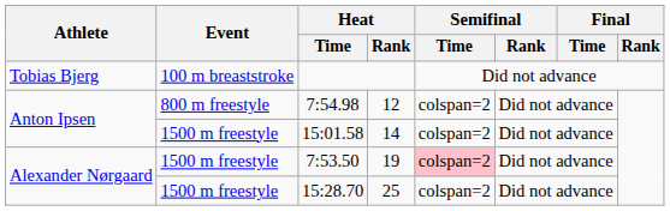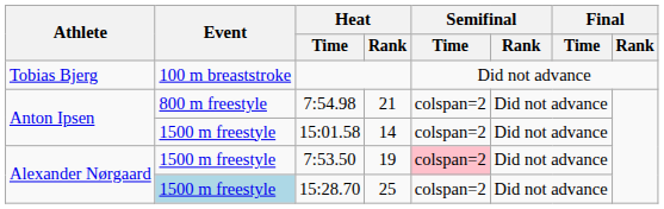 <table class=wikitable style="font-size:90%">
 <tr>
 <th rowspan="2">Athlete</th>
 <th rowspan="2">Event</th>
 <th colspan="2">Heat</th>
 <th colspan="2">Semifinal</th>
 <th colspan="2">Final</th>
 </tr>
 <tr style="font-size:95%">
 <th>Time</th>
 <th>Rank</th>
 <th>Time</th>
 <th>Rank</th>
 <th>Time</th>
 <th>Rank</th>
 </tr>
 <tr align=center>
 <td align=left><a href='#'>Tobias Bjerg</a></td>
 <td align=left><a href='#'>100 m breaststroke</a></td>
 <td colspan="2"></td>
 <td colspan="4">Did not advance</td>
 </tr>
 <tr align=center>
 <td align=left rowspan=2><a href='#'>Anton Ipsen</a></td>
 <td align=left><a href='#'>800 m freestyle</a></td>
 <td>7:54.98</td>
-<td>12</td>
+<td>21</td>
 <td>colspan=2 </td>
 <td colspan="2">Did not advance</td>
 </tr>
 <tr align=center>
 <td align=left><a href='#'>1500 m freestyle</a></td>
 <td>15:01.58</td>
 <td>14</td>
 <td>colspan=2 </td>
 <td colspan="2">Did not advance</td>
 </tr>
 <tr align=center>
 <td align=left rowspan=2><a href='#'>Alexander Nørgaard</a></td>
 <td align=left><a href='#'>1500 m freestyle</a></td>
 <td>7:53.50</td>
 <td>19</td>
 <td style="background: pink;">colspan=2 </td>
 <td colspan="2">Did not advance</td>
 </tr>
 <tr align=center>
-<td align=left><a href='#'>1500 m freestyle</a></td>
+<td align=left style="background: lightblue;"><a href='#'>1500 m freestyle</a></td>
 <td>15:28.70</td>
 <td>25</td>
 <td>colspan=2 </td>
 <td colspan="2">Did not advance</td>
 </tr>
 </table>
